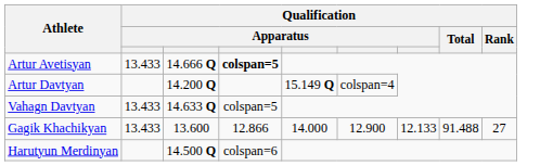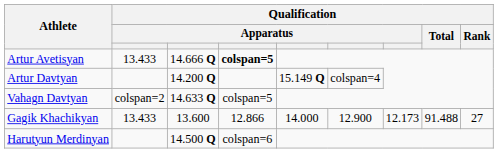 <table class="wikitable" style="font-size:90%">
 <tr>
 <th rowspan=3>Athlete</th>
 <th colspan =8>Qualification</th>
 </tr>
 <tr style="font-size:95%">
 <th colspan=6>Apparatus</th>
 <th rowspan=2>Total</th>
 <th rowspan=2>Rank</th>
 </tr>
 <tr style="font-size:95%">
 <th></th>
 <th></th>
 <th></th>
 <th></th>
 <th></th>
 <th></th>
 </tr>
 <tr align=center>
 <td align=left><a href='#'>Artur Avetisyan</a></td>
 <td>13.433</td>
 <td>14.666 <strong>Q</strong></td>
 <td><strong>colspan=5</strong></td>
 </tr>
 <tr align=center>
 <td align=left><a href='#'>Artur Davtyan</a></td>
 <td></td>
 <td>14.200 <strong>Q</strong></td>
 <td></td>
 <td>15.149 <strong>Q</strong></td>
 <td>colspan=4</td>
 </tr>
 <tr align=center>
 <td align=left><a href='#'>Vahagn Davtyan</a></td>
-<td>13.433</td>
+<td>colspan=2</td>
 <td>14.633 <strong>Q</strong></td>
 <td>colspan=5</td>
 </tr>
 <tr align=center>
 <td align=left><a href='#'>Gagik Khachikyan</a></td>
 <td>13.433</td>
 <td>13.600</td>
 <td>12.866</td>
 <td>14.000</td>
 <td>12.900</td>
-<td>12.133</td>
+<td>12.173</td>
 <td>91.488</td>
 <td>27</td>
 </tr>
 <tr align=center>
 <td align=left><a href='#'>Harutyun Merdinyan</a></td>
 <td></td>
 <td>14.500 <strong>Q</strong></td>
 <td>colspan=6</td>
 </tr>
 </table>
